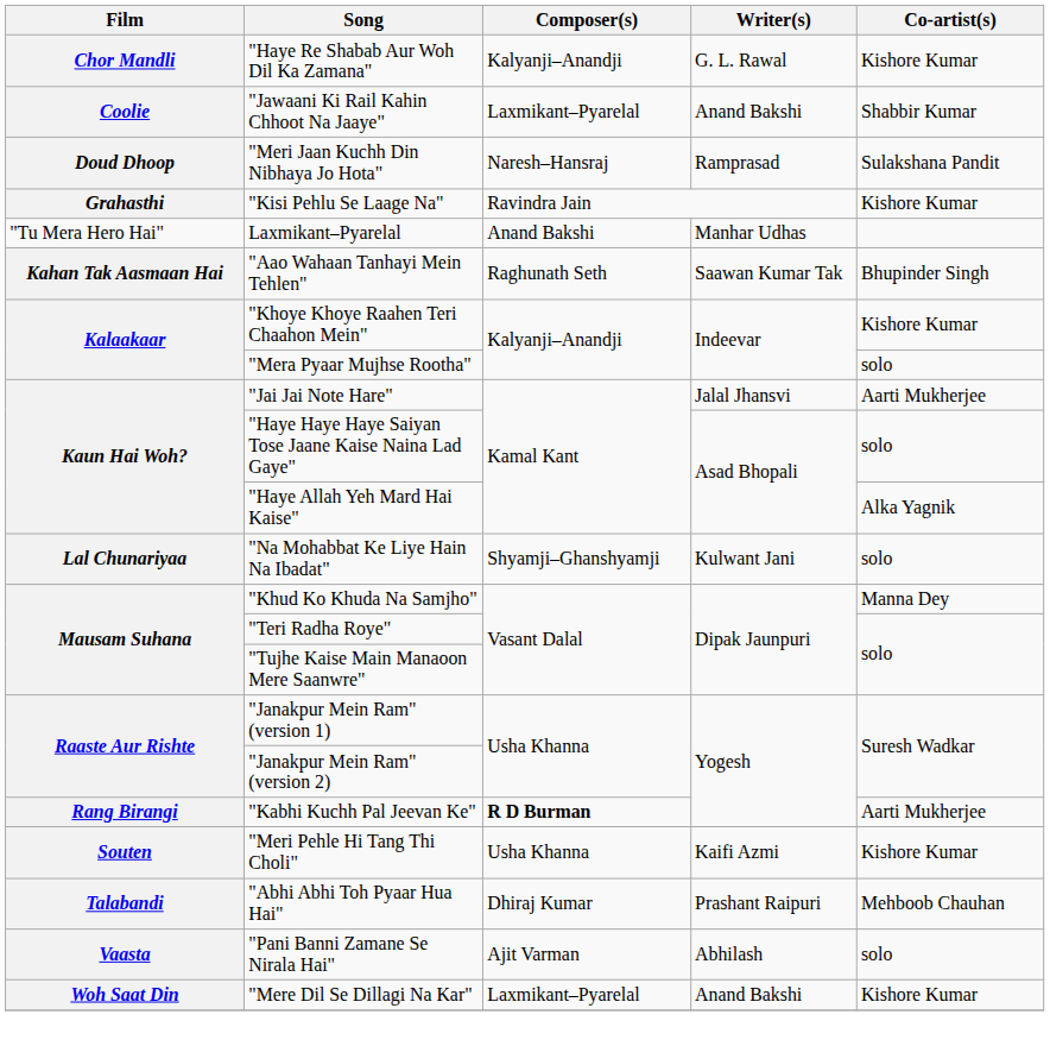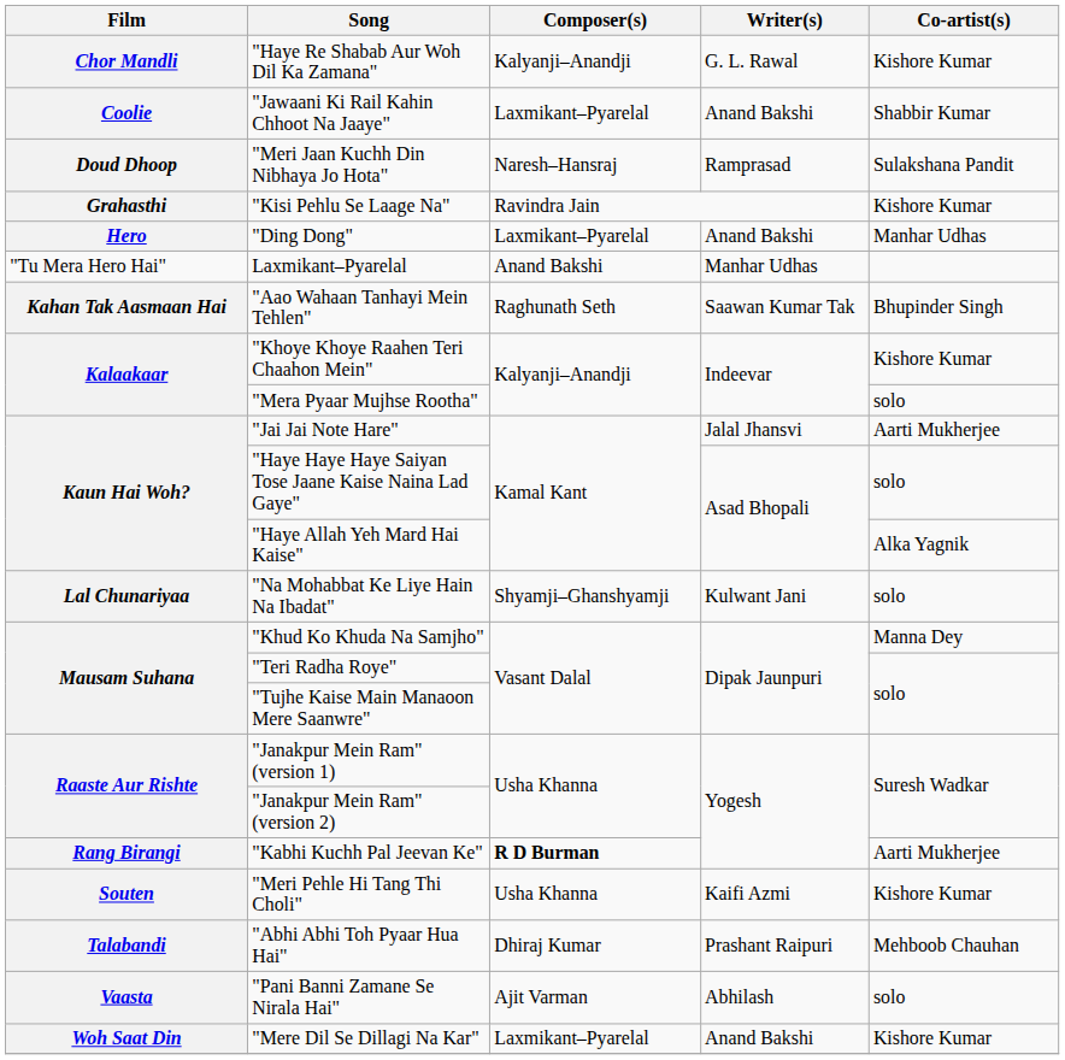 <table class="wikitable plainrowheaders" style="width:100%; textcolor:#000">
 <tr style="background:#b0e0e66;">
 <th scope="col" style="width:23%;"><strong>Film</strong></th>
 <th scope="col" style="width:23%;"><strong>Song</strong></th>
 <th scope="col" style="width:20%;"><strong>Composer(s)</strong></th>
 <th scope="col" style="width:16%;"><strong>Writer(s)</strong></th>
 <th scope="col" style="width:18%;"><strong>Co-artist(s)</strong></th>
 </tr>
 <tr>
 <th><em><a href='#'>Chor Mandli</a></em></th>
 <td>"Haye Re Shabab Aur Woh Dil Ka Zamana"</td>
 <td>Kalyanji–Anandji</td>
 <td>G. L. Rawal</td>
 <td>Kishore Kumar</td>
 </tr>
 <tr>
 <th><em><a href='#'>Coolie</a></em></th>
 <td>"Jawaani Ki Rail Kahin Chhoot Na Jaaye"</td>
 <td>Laxmikant–Pyarelal</td>
 <td>Anand Bakshi</td>
 <td>Shabbir Kumar</td>
 </tr>
 <tr>
 <th><em>Doud Dhoop</em></th>
 <td>"Meri Jaan Kuchh Din Nibhaya Jo Hota"</td>
 <td>Naresh–Hansraj</td>
 <td>Ramprasad</td>
 <td>Sulakshana Pandit</td>
 </tr>
 <tr>
 <th><em>Grahasthi</em></th>
 <td>"Kisi Pehlu Se Laage Na"</td>
 <td colspan=2>Ravindra Jain</td>
 <td>Kishore Kumar</td>
+</tr>
+<tr>
+<th><em><a href='#'>Hero</a></em></th>
+<td>"Ding Dong"</td>
+<td>Laxmikant–Pyarelal</td>
+<td>Anand Bakshi</td>
+<td>Manhar Udhas</td>
 </tr>
 <tr>
 <td>"Tu Mera Hero Hai"</td>
 <td>Laxmikant–Pyarelal</td>
 <td>Anand Bakshi</td>
 <td>Manhar Udhas</td>
 </tr>
 <tr>
 <th><em>Kahan Tak Aasmaan Hai</em></th>
 <td>"Aao Wahaan Tanhayi Mein Tehlen"</td>
 <td>Raghunath Seth</td>
 <td>Saawan Kumar Tak</td>
 <td>Bhupinder Singh</td>
 </tr>
 <tr>
 <th Rowspan=2><em><a href='#'>Kalaakaar</a></em></th>
 <td>"Khoye Khoye Raahen Teri Chaahon Mein"</td>
 <td rowspan=2>Kalyanji–Anandji</td>
 <td rowspan=2>Indeevar</td>
 <td>Kishore Kumar</td>
 </tr>
 <tr>
 <td>"Mera Pyaar Mujhse Rootha"</td>
 <td>solo</td>
 </tr>
 <tr>
 <th Rowspan=3><em>Kaun Hai Woh?</em></th>
 <td>"Jai Jai Note Hare"</td>
 <td rowspan=3>Kamal Kant</td>
 <td>Jalal Jhansvi</td>
 <td>Aarti Mukherjee</td>
 </tr>
 <tr>
 <td>"Haye Haye Haye Saiyan Tose Jaane Kaise Naina Lad Gaye"</td>
 <td rowspan=2>Asad Bhopali</td>
 <td rowspan=>solo</td>
 </tr>
 <tr>
 <td>"Haye Allah Yeh Mard Hai Kaise"</td>
 <td>Alka Yagnik</td>
 </tr>
 <tr>
 <th><em>Lal Chunariyaa</em></th>
 <td>"Na Mohabbat Ke Liye Hain Na Ibadat"</td>
 <td>Shyamji–Ghanshyamji</td>
 <td>Kulwant Jani</td>
 <td>solo</td>
 </tr>
 <tr>
 <th Rowspan=3><em>Mausam Suhana</em></th>
 <td>"Khud Ko Khuda Na Samjho"</td>
 <td Rowspan=3>Vasant Dalal</td>
 <td rowspan=3>Dipak Jaunpuri</td>
 <td>Manna Dey</td>
 </tr>
 <tr>
 <td>"Teri Radha Roye"</td>
 <td rowspan=2>solo</td>
 </tr>
 <tr>
 <td>"Tujhe Kaise Main Manaoon Mere Saanwre"</td>
 </tr>
 <tr>
 <th Rowspan=2><em><a href='#'>Raaste Aur Rishte</a></em></th>
 <td>"Janakpur Mein Ram" (version 1)</td>
 <td rowspan=2>Usha Khanna</td>
 <td rowspan=3>Yogesh</td>
 <td Rowspan=2>Suresh Wadkar</td>
 </tr>
 <tr>
 <td>"Janakpur Mein Ram" (version 2)</td>
 </tr>
 <tr>
 <th><em><a href='#'>Rang Birangi</a></em></th>
 <td>"Kabhi Kuchh Pal Jeevan Ke"</td>
 <td><strong>R D Burman</strong></td>
 <td>Aarti Mukherjee</td>
 </tr>
 <tr>
 <th><em><a href='#'>Souten</a></em></th>
 <td>"Meri Pehle Hi Tang Thi Choli"</td>
 <td>Usha Khanna</td>
 <td>Kaifi Azmi</td>
 <td>Kishore Kumar</td>
 </tr>
 <tr>
 <th><em><a href='#'>Talabandi</a></em></th>
 <td>"Abhi Abhi Toh Pyaar Hua Hai"</td>
 <td>Dhiraj Kumar</td>
 <td>Prashant Raipuri</td>
 <td>Mehboob Chauhan</td>
 </tr>
 <tr>
 <th><em><a href='#'>Vaasta</a></em></th>
 <td>"Pani Banni Zamane Se Nirala Hai"</td>
 <td rowspan=>Ajit Varman</td>
 <td>Abhilash</td>
 <td>solo</td>
 </tr>
 <tr>
 <th><em><a href='#'>Woh Saat Din</a></em></th>
 <td>"Mere Dil Se Dillagi Na Kar"</td>
 <td>Laxmikant–Pyarelal</td>
 <td>Anand Bakshi</td>
 <td>Kishore Kumar</td>
 </tr>
 <tr>
 </tr>
 </table>
